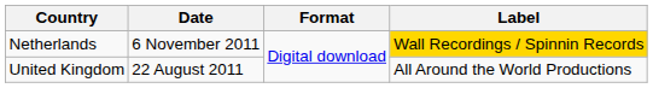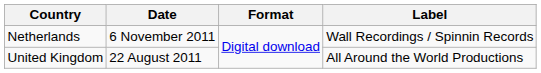 <table class=wikitable>
 <tr>
 <th scope="col">Country</th>
 <th scope="col">Date</th>
 <th scope="col">Format</th>
 <th scope="col">Label</th>
 </tr>
 <tr>
 <td>Netherlands</td>
 <td>6 November 2011</td>
 <td rowspan="2"><a href='#'>Digital download</a></td>
-<td style="background: gold;">Wall Recordings / Spinnin Records</td>
+<td>Wall Recordings / Spinnin Records</td>
 </tr>
 <tr>
 <td>United Kingdom</td>
 <td>22 August 2011</td>
 <td>All Around the World Productions</td>
 </tr>
 </table>
